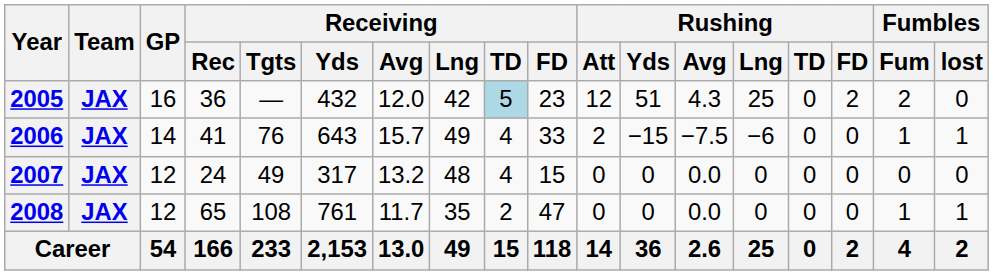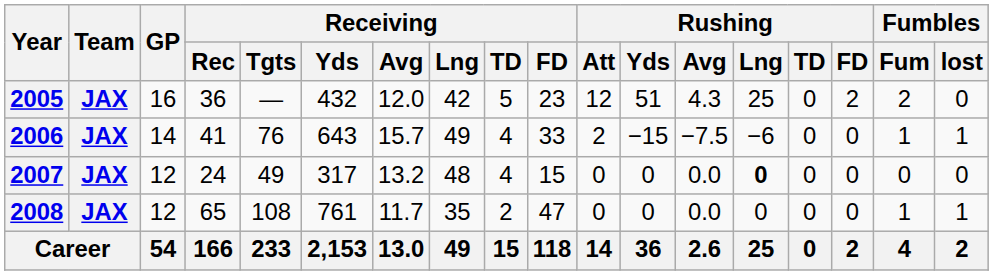 <table class="wikitable" style="text-align: center;">
 <tr>
 <th rowspan="2">Year</th>
 <th rowspan="2">Team</th>
 <th rowspan="2">GP</th>
 <th colspan="7">Receiving</th>
 <th colspan="6">Rushing</th>
 <th colspan="2">Fumbles</th>
 </tr>
 <tr>
 <th>Rec</th>
 <th>Tgts</th>
 <th>Yds</th>
 <th>Avg</th>
 <th>Lng</th>
 <th>TD</th>
 <th>FD</th>
 <th>Att</th>
 <th>Yds</th>
 <th>Avg</th>
 <th>Lng</th>
 <th>TD</th>
 <th>FD</th>
 <th>Fum</th>
 <th>lost</th>
 </tr>
 <tr>
 <th><a href='#'>2005</a></th>
 <th><a href='#'>JAX</a></th>
 <td>16</td>
 <td>36</td>
 <td>—</td>
 <td>432</td>
 <td>12.0</td>
 <td>42</td>
-<td style="background: lightblue;">5</td>
+<td>5</td>
 <td>23</td>
 <td>12</td>
 <td>51</td>
 <td>4.3</td>
 <td>25</td>
 <td>0</td>
 <td>2</td>
 <td>2</td>
 <td>0</td>
 </tr>
 <tr>
 <th><a href='#'>2006</a></th>
 <th><a href='#'>JAX</a></th>
 <td>14</td>
 <td>41</td>
 <td>76</td>
 <td>643</td>
 <td>15.7</td>
 <td>49</td>
 <td>4</td>
 <td>33</td>
 <td>2</td>
 <td>−15</td>
 <td>−7.5</td>
 <td>−6</td>
 <td>0</td>
 <td>0</td>
 <td>1</td>
 <td>1</td>
 </tr>
 <tr>
 <th><a href='#'>2007</a></th>
 <th><a href='#'>JAX</a></th>
 <td>12</td>
 <td>24</td>
 <td>49</td>
 <td>317</td>
 <td>13.2</td>
 <td>48</td>
 <td>4</td>
 <td>15</td>
 <td>0</td>
 <td>0</td>
 <td>0.0</td>
-<td>0</td>
+<td><strong>0</strong></td>
 <td>0</td>
 <td>0</td>
 <td>0</td>
 <td>0</td>
 </tr>
 <tr>
 <th><a href='#'>2008</a></th>
 <th><a href='#'>JAX</a></th>
 <td>12</td>
 <td>65</td>
 <td>108</td>
 <td>761</td>
 <td>11.7</td>
 <td>35</td>
 <td>2</td>
 <td>47</td>
 <td>0</td>
 <td>0</td>
 <td>0.0</td>
 <td>0</td>
 <td>0</td>
 <td>0</td>
 <td>1</td>
 <td>1</td>
 </tr>
 <tr>
 <th colspan="2">Career</th>
 <th>54</th>
 <th>166</th>
 <th>233</th>
 <th>2,153</th>
 <th>13.0</th>
 <th>49</th>
 <th>15</th>
 <th>118</th>
 <th>14</th>
 <th>36</th>
 <th>2.6</th>
 <th>25</th>
 <th>0</th>
 <th>2</th>
 <th>4</th>
 <th>2</th>
 </tr>
 </table>
